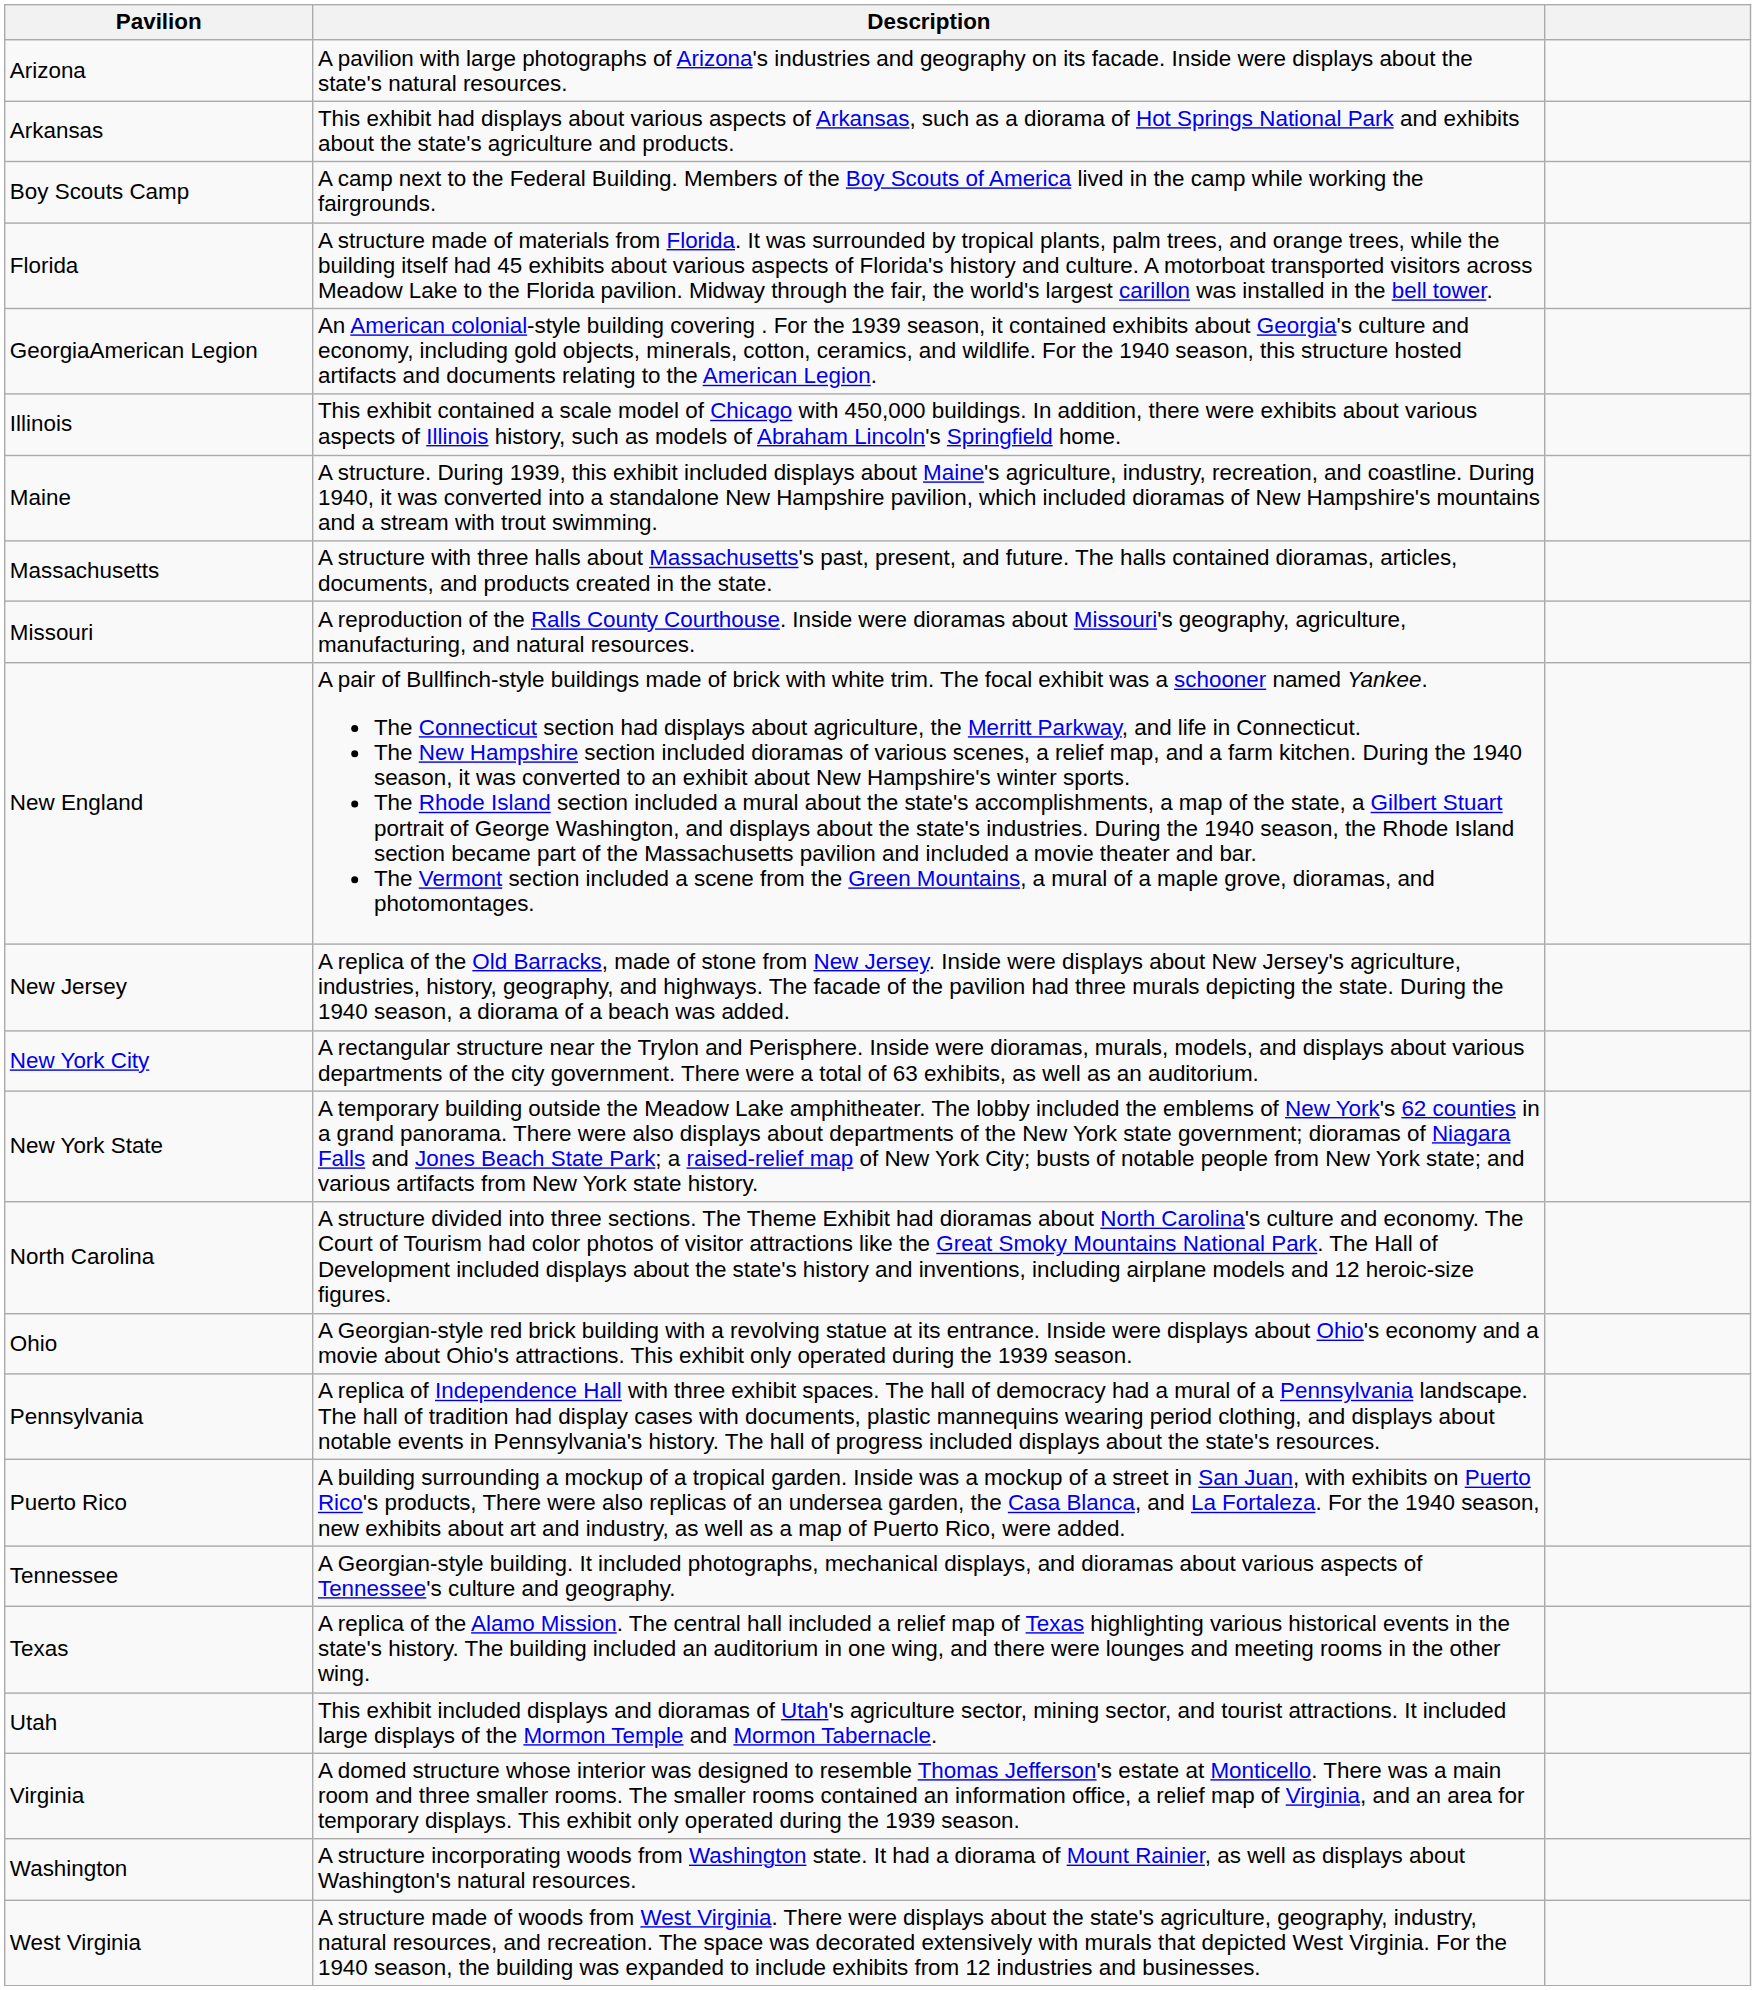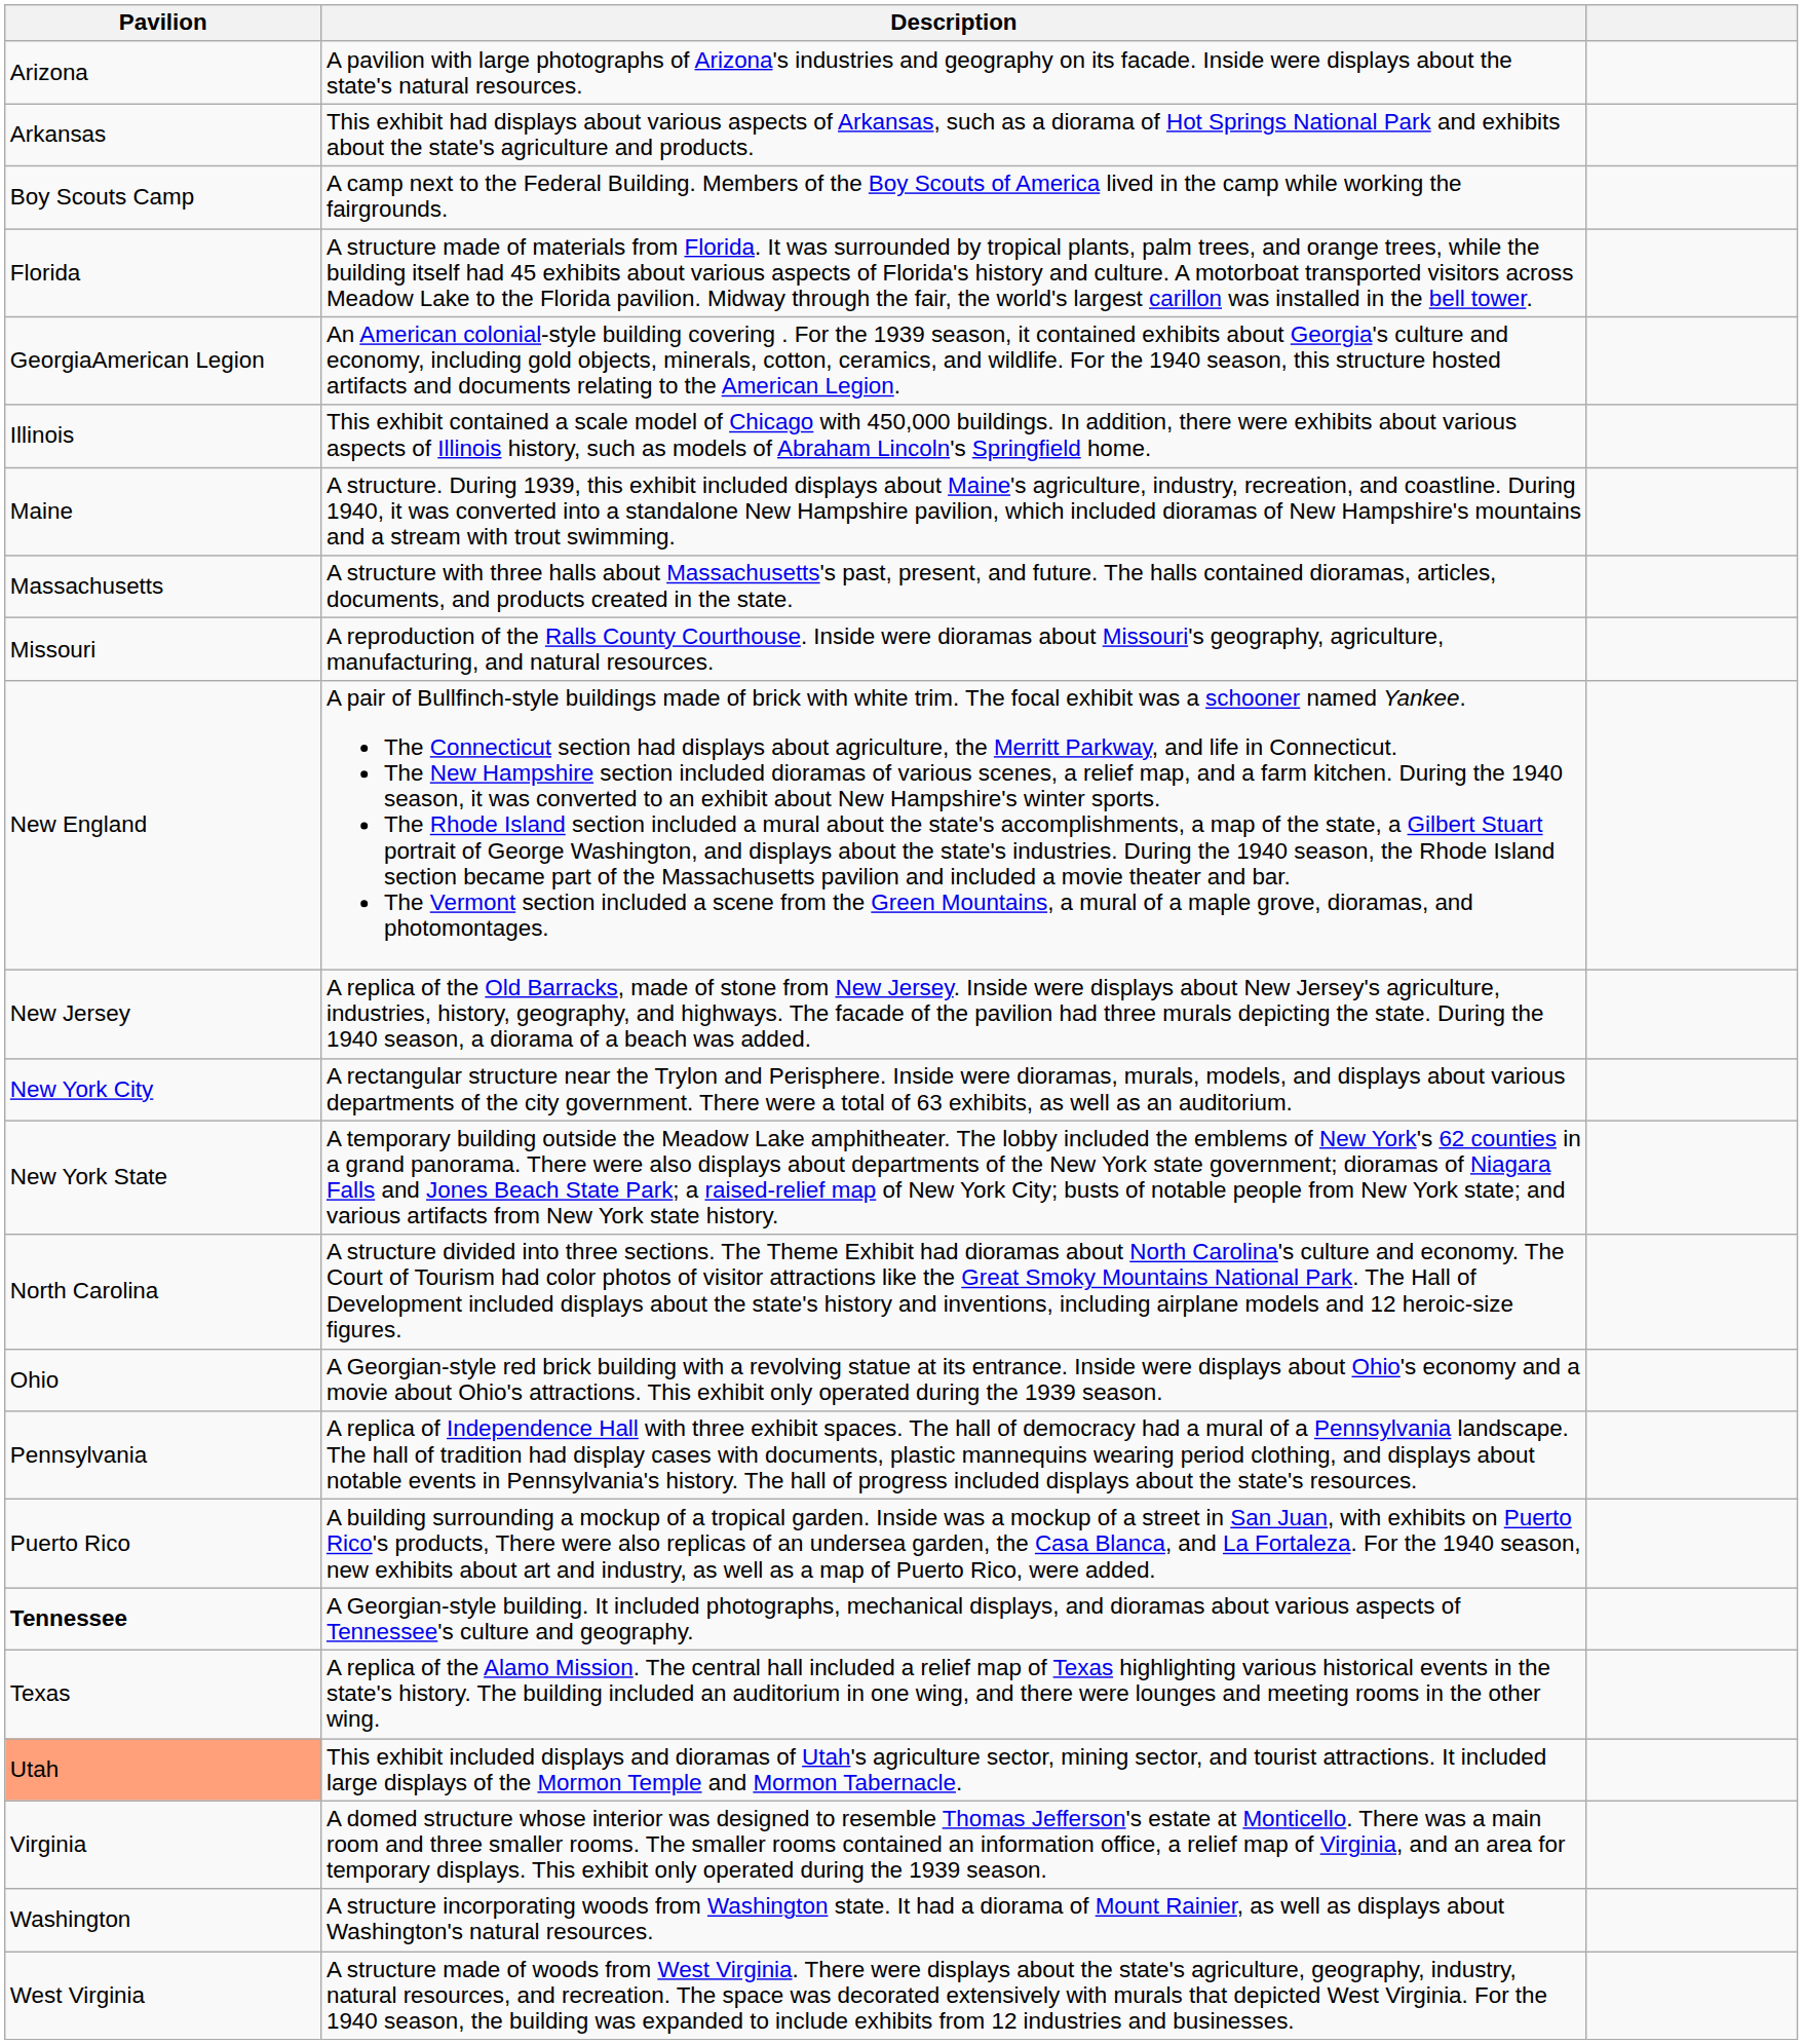 <table class="wikitable collapsible">
 <tr>
 <th width="15%" scope="col">Pavilion</th>
 <th width="60%" scope="col">Description</th>
 <th width="10%" scope="col"></th>
 </tr>
 <tr>
 <td>Arizona</td>
 <td>A pavilion with large photographs of <a href='#'>Arizona</a>'s industries and geography on its facade. Inside were displays about the state's natural resources.</td>
 <td></td>
 </tr>
 <tr>
 <td>Arkansas</td>
 <td>This exhibit had displays about various aspects of <a href='#'>Arkansas</a>, such as a diorama of <a href='#'>Hot Springs National Park</a> and exhibits about the state's agriculture and products.</td>
 <td></td>
 </tr>
 <tr>
 <td>Boy Scouts Camp</td>
 <td>A  camp next to the Federal Building. Members of the <a href='#'>Boy Scouts of America</a> lived in the camp while working the fairgrounds.</td>
 <td></td>
 </tr>
 <tr>
 <td>Florida</td>
 <td>A structure made of materials from <a href='#'>Florida</a>. It was surrounded by tropical plants, palm trees, and orange trees, while the building itself had 45 exhibits about various aspects of Florida's history and culture. A motorboat transported visitors across Meadow Lake to the Florida pavilion. Midway through the fair, the world's largest <a href='#'>carillon</a> was installed in the <a href='#'>bell tower</a>.</td>
 <td></td>
 </tr>
 <tr>
 <td>GeorgiaAmerican Legion</td>
 <td>An <a href='#'>American colonial</a>-style building covering . For the 1939 season, it contained exhibits about <a href='#'>Georgia</a>'s culture and economy, including gold objects, minerals, cotton, ceramics, and wildlife. For the 1940 season, this structure hosted artifacts and documents relating to the <a href='#'>American Legion</a>.</td>
 <td></td>
 </tr>
 <tr>
 <td>Illinois</td>
 <td>This exhibit contained a scale model of <a href='#'>Chicago</a> with 450,000 buildings. In addition, there were exhibits about various aspects of <a href='#'>Illinois</a> history, such as models of <a href='#'>Abraham Lincoln</a>'s <a href='#'>Springfield</a> home.</td>
 <td></td>
 </tr>
 <tr>
 <td>Maine</td>
 <td>A  structure. During 1939, this exhibit included displays about <a href='#'>Maine</a>'s agriculture, industry, recreation, and coastline. During 1940, it was converted into a standalone New Hampshire pavilion, which included dioramas of New Hampshire's mountains and a stream with trout swimming.</td>
 <td></td>
 </tr>
 <tr>
 <td>Massachusetts</td>
 <td>A structure with three halls about <a href='#'>Massachusetts</a>'s past, present, and future. The halls contained dioramas, articles, documents, and products created in the state.</td>
 <td></td>
 </tr>
 <tr>
 <td>Missouri</td>
 <td>A reproduction of the <a href='#'>Ralls County Courthouse</a>. Inside were dioramas about <a href='#'>Missouri</a>'s geography, agriculture, manufacturing, and natural resources.</td>
 <td></td>
 </tr>
 <tr>
 <td>New England</td>
 <td>A pair of Bullfinch-style buildings made of brick with white trim. The focal exhibit was a  <a href='#'>schooner</a> named <em>Yankee</em>.<br><ul><li>The <a href='#'>Connecticut</a> section had displays about agriculture, the <a href='#'>Merritt Parkway</a>, and life in Connecticut.</li><li>The <a href='#'>New Hampshire</a> section included dioramas of various scenes, a relief map, and a farm kitchen. During the 1940 season, it was converted to an exhibit about New Hampshire's winter sports.</li><li>The <a href='#'>Rhode Island</a> section included a mural about the state's accomplishments, a map of the state, a <a href='#'>Gilbert Stuart</a> portrait of George Washington, and displays about the state's industries. During the 1940 season, the Rhode Island section became part of the Massachusetts pavilion and included a movie theater and bar.</li><li>The <a href='#'>Vermont</a> section included a scene from the <a href='#'>Green Mountains</a>, a mural of a maple grove, dioramas, and photomontages.</li></ul></td>
 <td></td>
 </tr>
 <tr>
 <td>New Jersey</td>
 <td>A replica of the <a href='#'>Old Barracks</a>, made of stone from <a href='#'>New Jersey</a>. Inside were displays about New Jersey's agriculture, industries, history, geography, and highways. The facade of the pavilion had three murals depicting the state. During the 1940 season, a diorama of a beach was added.</td>
 <td></td>
 </tr>
 <tr>
 <td><a href='#'>New York City</a></td>
 <td>A rectangular structure near the Trylon and Perisphere. Inside were dioramas, murals, models, and displays about various departments of the city government. There were a total of 63 exhibits, as well as an auditorium.</td>
 <td></td>
 </tr>
 <tr>
 <td>New York State</td>
 <td>A temporary building outside the Meadow Lake amphitheater. The lobby included the emblems of <a href='#'>New York</a>'s <a href='#'>62 counties</a> in a grand panorama. There were also displays about departments of the New York state government; dioramas of <a href='#'>Niagara Falls</a> and <a href='#'>Jones Beach State Park</a>; a <a href='#'>raised-relief map</a> of New York City; busts of notable people from New York state; and various artifacts from New York state history.</td>
 <td></td>
 </tr>
 <tr>
 <td>North Carolina</td>
 <td>A structure divided into three sections. The Theme Exhibit had dioramas about <a href='#'>North Carolina</a>'s culture and economy. The Court of Tourism had color photos of visitor attractions like the <a href='#'>Great Smoky Mountains National Park</a>. The Hall of Development included displays about the state's history and inventions, including airplane models and 12 heroic-size figures.</td>
 <td></td>
 </tr>
 <tr>
 <td>Ohio</td>
 <td>A Georgian-style red brick building with a revolving statue at its entrance. Inside were displays about <a href='#'>Ohio</a>'s economy and a movie about Ohio's attractions. This exhibit only operated during the 1939 season.</td>
 <td></td>
 </tr>
 <tr>
 <td>Pennsylvania</td>
 <td>A replica of <a href='#'>Independence Hall</a> with three exhibit spaces. The hall of democracy had a mural of a <a href='#'>Pennsylvania</a> landscape. The hall of tradition had display cases with documents, plastic mannequins wearing period clothing, and displays about notable events in Pennsylvania's history. The hall of progress included displays about the state's resources.</td>
 <td></td>
 </tr>
 <tr>
 <td>Puerto Rico</td>
 <td>A  building surrounding a mockup of a tropical garden. Inside was a mockup of a street in <a href='#'>San Juan</a>, with exhibits on <a href='#'>Puerto Rico</a>'s products, There were also replicas of an undersea garden, the <a href='#'>Casa Blanca</a>, and <a href='#'>La Fortaleza</a>. For the 1940 season, new exhibits about art and industry, as well as a map of Puerto Rico, were added.</td>
 <td></td>
 </tr>
 <tr>
-<td>Tennessee</td>
+<td><strong>Tennessee</strong></td>
 <td>A  Georgian-style building. It included photographs, mechanical displays, and dioramas about various aspects of <a href='#'>Tennessee</a>'s culture and geography.</td>
 <td></td>
 </tr>
 <tr>
 <td>Texas</td>
 <td>A replica of the <a href='#'>Alamo Mission</a>. The central hall included a relief map of <a href='#'>Texas</a> highlighting various historical events in the state's history. The building included an auditorium in one wing, and there were lounges and meeting rooms in the other wing.</td>
 <td></td>
 </tr>
 <tr>
-<td>Utah</td>
+<td style="background: lightsalmon;">Utah</td>
 <td>This exhibit included displays and dioramas of <a href='#'>Utah</a>'s agriculture sector, mining sector, and tourist attractions. It included large displays of the <a href='#'>Mormon Temple</a> and <a href='#'>Mormon Tabernacle</a>.</td>
 <td></td>
 </tr>
 <tr>
 <td>Virginia</td>
 <td>A domed structure whose interior was designed to resemble <a href='#'>Thomas Jefferson</a>'s estate at <a href='#'>Monticello</a>. There was a main room and three smaller rooms. The smaller rooms contained an information office, a relief map of <a href='#'>Virginia</a>, and an area for temporary displays. This exhibit only operated during the 1939 season.</td>
 <td></td>
 </tr>
 <tr>
 <td>Washington</td>
 <td>A structure incorporating woods from <a href='#'>Washington</a> state. It had a diorama of <a href='#'>Mount Rainier</a>, as well as displays about Washington's natural resources.</td>
 <td></td>
 </tr>
 <tr>
 <td>West Virginia</td>
 <td>A  structure made of woods from <a href='#'>West Virginia</a>. There were displays about the state's agriculture, geography, industry, natural resources, and recreation. The space was decorated extensively with murals that depicted West Virginia. For the 1940 season, the building was expanded to include exhibits from 12 industries and businesses.</td>
 <td></td>
 </tr>
 </table>
